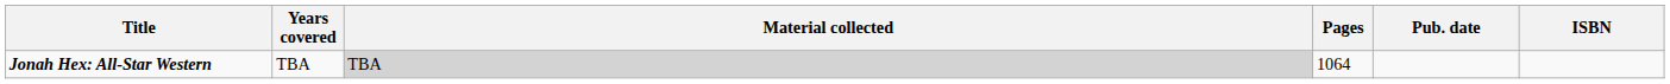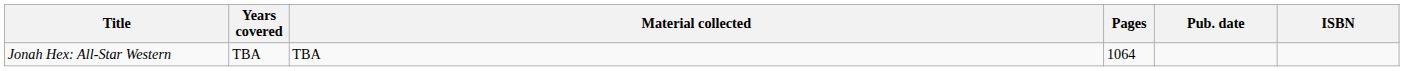 <table class="wikitable sortable" width=99%>
 <tr>
 <th width="245px">Title</th>
 <th width="60px">Years covered</th>
 <th class="unsortable">Material collected</th>
 <th width="50px">Pages</th>
 <th width="130px">Pub. date</th>
 <th class="unsortable" width="130px">ISBN</th>
 </tr>
 <tr>
-<td><strong><em>Jonah Hex: All-Star Western</em></strong></td>
+<td><em>Jonah Hex: All-Star Western</em></td>
 <td>TBA</td>
-<td style="background: lightgrey;">TBA</td>
+<td>TBA</td>
 <td>1064</td>
 <td></td>
 <td></td>
 </tr>
 </table>
